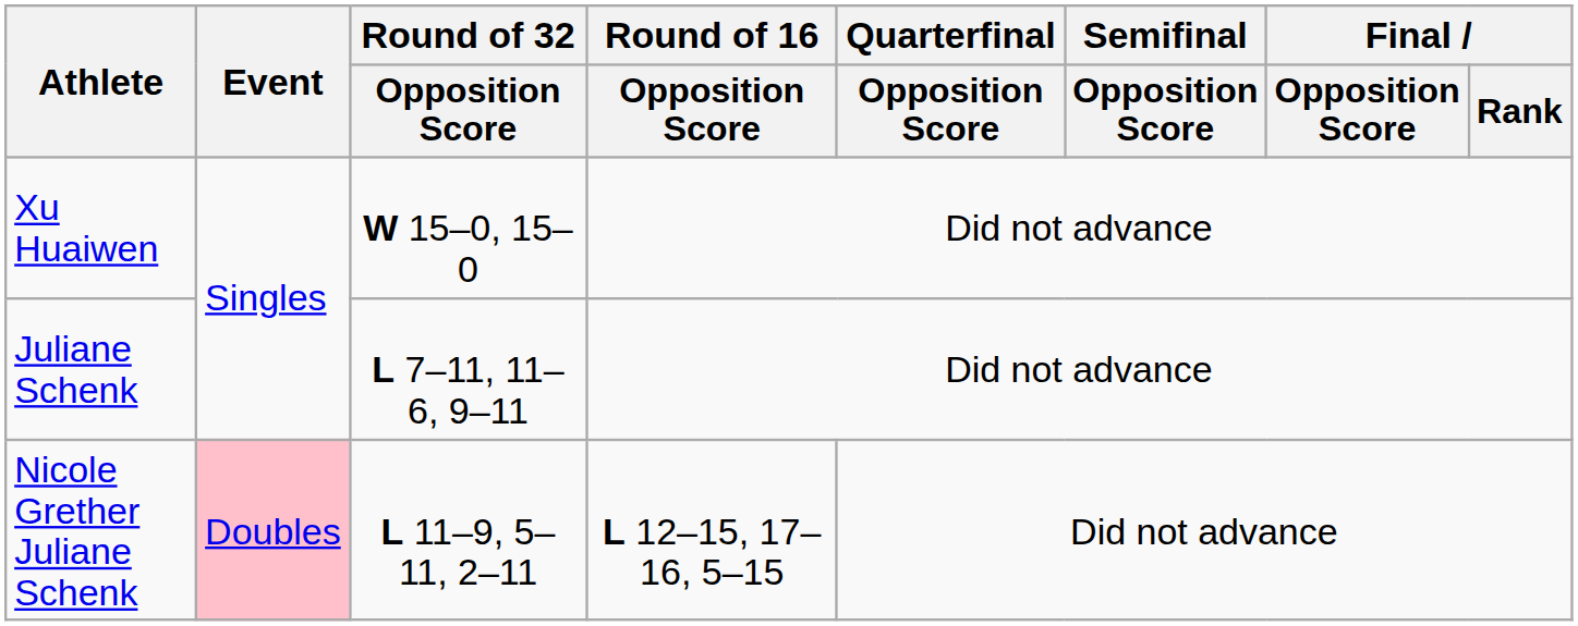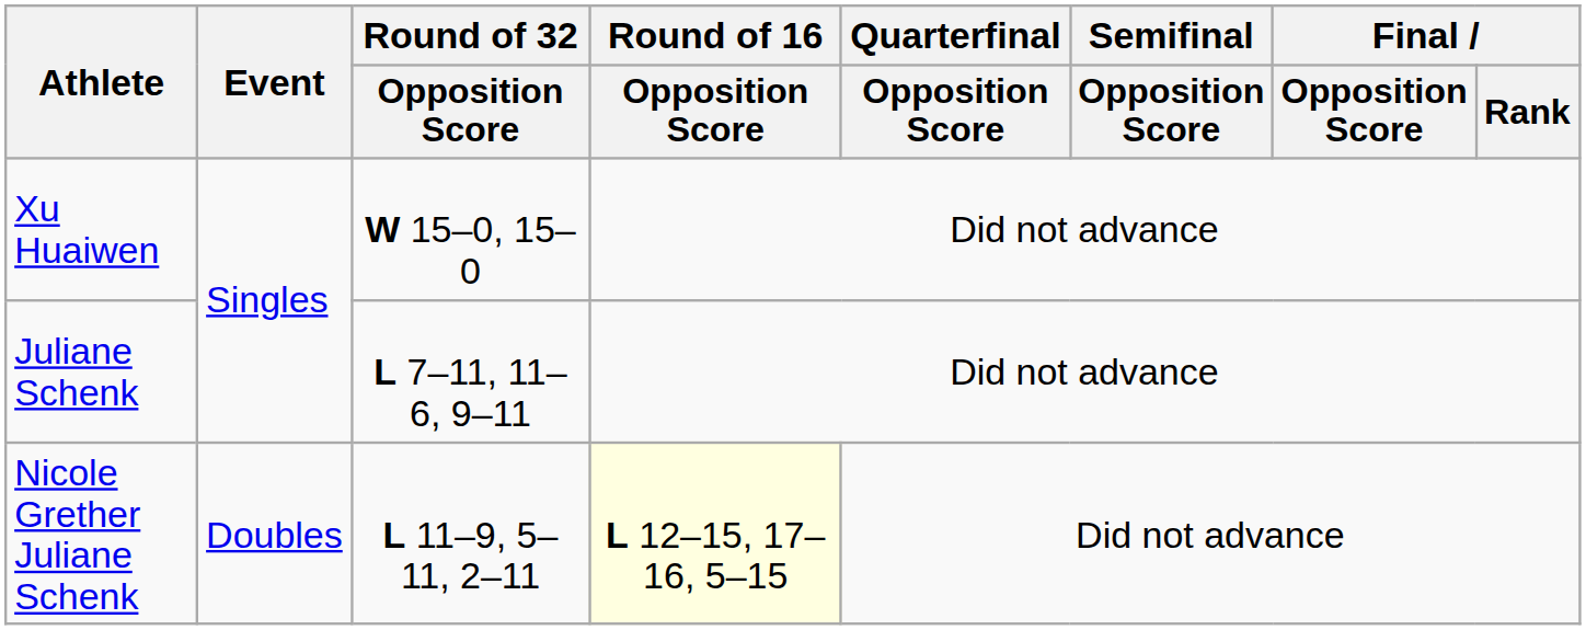 <table class=wikitable style="font-size:90%">
 <tr>
 <th rowspan="2">Athlete</th>
 <th rowspan="2">Event</th>
 <th>Round of 32</th>
 <th>Round of 16</th>
 <th>Quarterfinal</th>
 <th>Semifinal</th>
 <th colspan=2>Final / </th>
 </tr>
 <tr style="font-size:95%">
 <th>Opposition<br>Score</th>
 <th>Opposition<br>Score</th>
 <th>Opposition<br>Score</th>
 <th>Opposition<br>Score</th>
 <th>Opposition<br>Score</th>
 <th>Rank</th>
 </tr>
 <tr align=center>
 <td align=left><a href='#'>Xu Huaiwen</a></td>
 <td align=left rowspan=2><a href='#'>Singles</a></td>
 <td><br><strong>W</strong> 15–0, 15–0</td>
 <td colspan=5>Did not advance</td>
 </tr>
 <tr align=center>
 <td align=left><a href='#'>Juliane Schenk</a></td>
 <td><br><strong>L</strong> 7–11, 11–6, 9–11</td>
 <td colspan=5>Did not advance</td>
 </tr>
 <tr align=center>
 <td align=left><a href='#'>Nicole Grether</a><br><a href='#'>Juliane Schenk</a></td>
-<td align=left style="background: pink;"><a href='#'>Doubles</a></td>
+<td align=left><a href='#'>Doubles</a></td>
 <td><br><strong>L</strong> 11–9, 5–11, 2–11</td>
-<td><br><strong>L</strong> 12–15, 17–16, 5–15</td>
+<td style="background: lightyellow;"><br><strong>L</strong> 12–15, 17–16, 5–15</td>
 <td colspan=4>Did not advance</td>
 </tr>
 </table>
